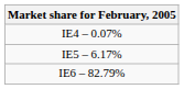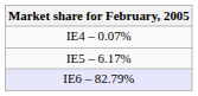 <table class="wikitable floatleft" style="font-size: 85%; text-align: center;">
 <tr>
 <th>Market share for February, 2005</th>
 </tr>
 <tr>
 <td>IE4 – 0.07%</td>
 </tr>
 <tr>
 <td>IE5 – 6.17%</td>
 </tr>
 <tr>
-<td>IE6 – 82.79%</td>
+<td style="background: lavender;">IE6 – 82.79%</td>
 </tr>
 </table>
